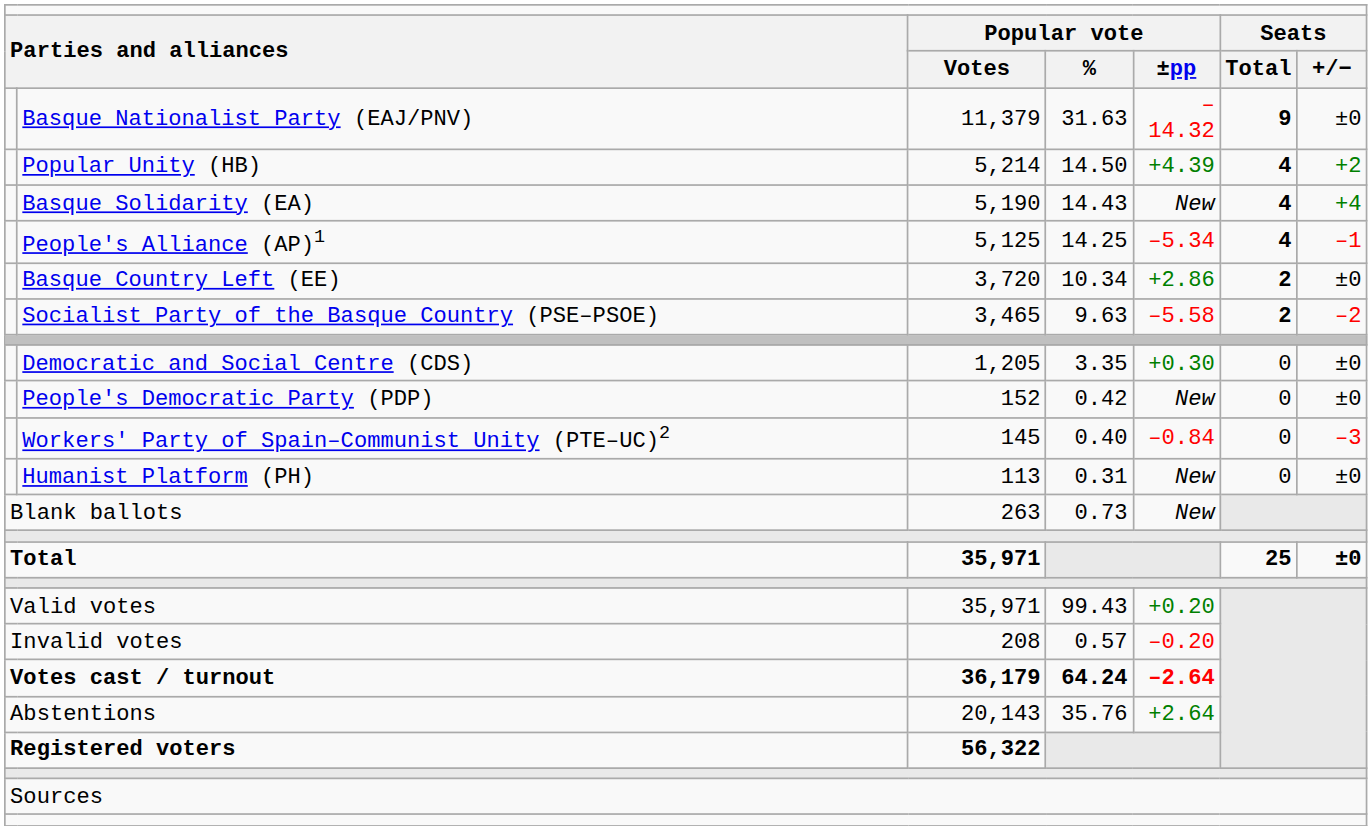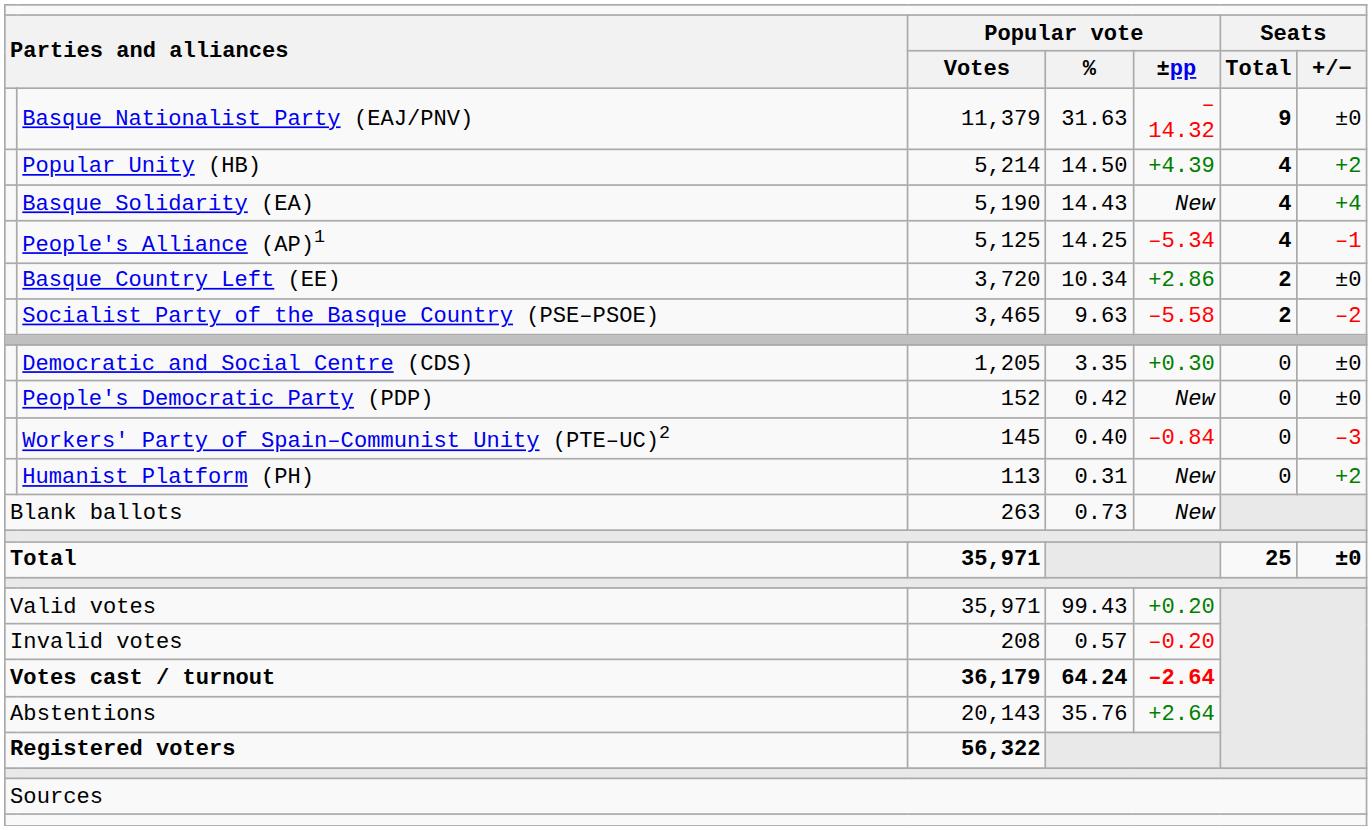 <table class="wikitable" style="text-align:right;">
 <tr>
 <td colspan="7"></td>
 </tr>
 <tr>
 <th style="text-align:left;" rowspan="2" colspan="2" width="525">Parties and alliances</th>
 <th colspan="3">Popular vote</th>
 <th colspan="2">Seats</th>
 </tr>
 <tr>
 <th width="75">Votes</th>
 <th width="45">%</th>
 <th width="45">±<a href='#'>pp</a></th>
 <th width="35">Total</th>
 <th width="35">+/−</th>
 </tr>
 <tr>
 <td width="1" style="color:inherit;background:"></td>
 <td align="left"><a href='#'>Basque Nationalist Party</a> (EAJ/PNV)</td>
 <td>11,379</td>
 <td>31.63</td>
 <td style="color:red;">–14.32</td>
 <td><strong>9</strong></td>
 <td>±0</td>
 </tr>
 <tr>
 <td style="color:inherit;background:"></td>
 <td align="left"><a href='#'>Popular Unity</a> (HB)</td>
 <td>5,214</td>
 <td>14.50</td>
 <td style="color:green;">+4.39</td>
 <td><strong>4</strong></td>
 <td style="color:green;">+2</td>
 </tr>
 <tr>
 <td style="color:inherit;background:"></td>
 <td align="left"><a href='#'>Basque Solidarity</a> (EA)</td>
 <td>5,190</td>
 <td>14.43</td>
 <td><em>New</em></td>
 <td><strong>4</strong></td>
 <td style="color:green;">+4</td>
 </tr>
 <tr>
 <td style="color:inherit;background:"></td>
 <td align="left"><a href='#'>People's Alliance</a> (AP)<sup>1</sup></td>
 <td>5,125</td>
 <td>14.25</td>
 <td style="color:red;">–5.34</td>
 <td><strong>4</strong></td>
 <td style="color:red;">–1</td>
 </tr>
 <tr>
 <td style="color:inherit;background:"></td>
 <td align="left"><a href='#'>Basque Country Left</a> (EE)</td>
 <td>3,720</td>
 <td>10.34</td>
 <td style="color:green;">+2.86</td>
 <td><strong>2</strong></td>
 <td>±0</td>
 </tr>
 <tr>
 <td style="color:inherit;background:"></td>
 <td align="left"><a href='#'>Socialist Party of the Basque Country</a> (PSE–PSOE)</td>
 <td>3,465</td>
 <td>9.63</td>
 <td style="color:red;">–5.58</td>
 <td><strong>2</strong></td>
 <td style="color:red;">–2</td>
 </tr>
 <tr>
 <td colspan="7" bgcolor="#C0C0C0"></td>
 </tr>
 <tr>
 <td style="color:inherit;background:"></td>
 <td align="left"><a href='#'>Democratic and Social Centre</a> (CDS)</td>
 <td>1,205</td>
 <td>3.35</td>
 <td style="color:green;">+0.30</td>
 <td>0</td>
 <td>±0</td>
 </tr>
 <tr>
 <td style="color:inherit;background:"></td>
 <td align="left"><a href='#'>People's Democratic Party</a> (PDP)</td>
 <td>152</td>
 <td>0.42</td>
 <td><em>New</em></td>
 <td>0</td>
 <td>±0</td>
 </tr>
 <tr>
 <td style="color:inherit;background:"></td>
 <td align="left"><a href='#'>Workers' Party of Spain–Communist Unity</a> (PTE–UC)<sup>2</sup></td>
 <td>145</td>
 <td>0.40</td>
 <td style="color:red;">–0.84</td>
 <td>0</td>
 <td style="color:red;">–3</td>
 </tr>
 <tr>
 <td style="color:inherit;background:"></td>
 <td align="left"><a href='#'>Humanist Platform</a> (PH)</td>
 <td>113</td>
 <td>0.31</td>
 <td><em>New</em></td>
 <td>0</td>
-<td>±0</td>
+<td style="color:green;">+2</td>
 </tr>
 <tr>
 <td align="left" colspan="2">Blank ballots</td>
 <td>263</td>
 <td>0.73</td>
 <td><em>New</em></td>
 <td bgcolor="#E9E9E9" colspan="2"></td>
 </tr>
 <tr>
 <td colspan="7" bgcolor="#E9E9E9"></td>
 </tr>
 <tr style="font-weight:bold;">
 <td align="left" colspan="2">Total</td>
 <td>35,971</td>
 <td bgcolor="#E9E9E9" colspan="2"></td>
 <td>25</td>
 <td>±0</td>
 </tr>
 <tr>
 <td colspan="7" bgcolor="#E9E9E9"></td>
 </tr>
 <tr>
 <td align="left" colspan="2">Valid votes</td>
 <td>35,971</td>
 <td>99.43</td>
 <td style="color:green;">+0.20</td>
 <td bgcolor="#E9E9E9" colspan="2" rowspan="5"></td>
 </tr>
 <tr>
 <td align="left" colspan="2">Invalid votes</td>
 <td>208</td>
 <td>0.57</td>
 <td style="color:red;">–0.20</td>
 </tr>
 <tr style="font-weight:bold;">
 <td align="left" colspan="2">Votes cast / turnout</td>
 <td>36,179</td>
 <td>64.24</td>
 <td style="color:red;">–2.64</td>
 </tr>
 <tr>
 <td align="left" colspan="2">Abstentions</td>
 <td>20,143</td>
 <td>35.76</td>
 <td style="color:green;">+2.64</td>
 </tr>
 <tr style="font-weight:bold;">
 <td align="left" colspan="2">Registered voters</td>
 <td>56,322</td>
 <td bgcolor="#E9E9E9" colspan="2"></td>
 </tr>
 <tr>
 <td colspan="7" bgcolor="#E9E9E9"></td>
 </tr>
 <tr>
 <td align="left" colspan="7">Sources</td>
 </tr>
 <tr>
 <td colspan="7" style="text-align:left; max-width:790px;"></td>
 </tr>
 </table>
